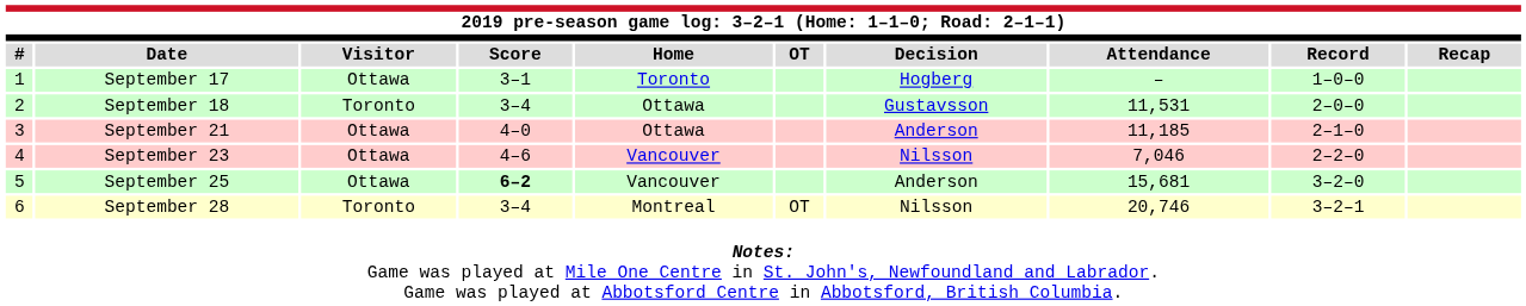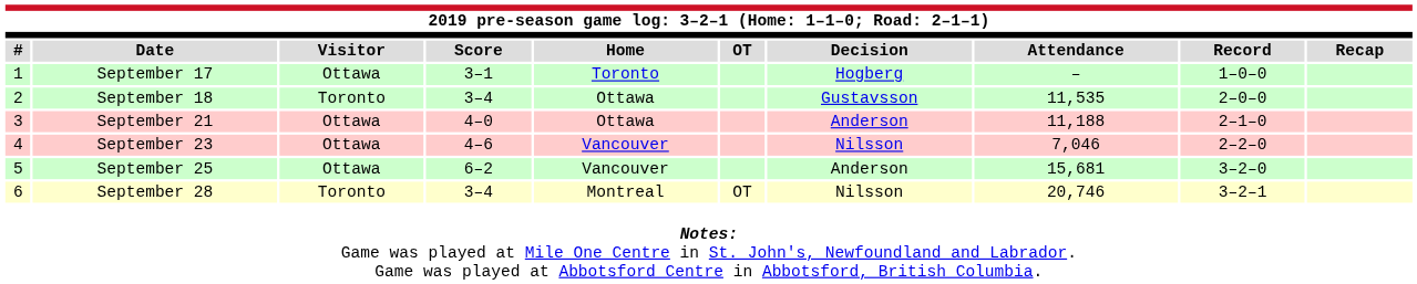 <table class="toccolours collapsible collapsed" style="width:90%; clear:both; margin:1.5em auto; text-align:center;">
 <tr>
 <th colspan="10" style="background:#FFFFFF; border-top:#CE1126 5px solid; border-bottom:#000000 5px solid;">2019 pre-season game log: 3–2–1 (Home: 1–1–0; Road: 2–1–1)</th>
 </tr>
 <tr style="background:#ddd;">
 <th>#</th>
 <th>Date</th>
 <th>Visitor</th>
 <th>Score</th>
 <th>Home</th>
 <th>OT</th>
 <th>Decision</th>
 <th>Attendance</th>
 <th>Record</th>
 <th>Recap</th>
 </tr>
 <tr style="background:#cfc;">
 <td>1</td>
 <td>September 17</td>
 <td>Ottawa</td>
 <td>3–1</td>
 <td><a href='#'>Toronto</a></td>
 <td></td>
 <td><a href='#'>Hogberg</a></td>
 <td>–</td>
 <td>1–0–0</td>
 <td></td>
 </tr>
 <tr style="background:#cfc;">
 <td>2</td>
 <td>September 18</td>
 <td>Toronto</td>
 <td>3–4</td>
 <td>Ottawa</td>
 <td></td>
 <td><a href='#'>Gustavsson</a></td>
-<td>11,531</td>
+<td>11,535</td>
 <td>2–0–0</td>
 <td></td>
 </tr>
 <tr style="background:#fcc;">
 <td>3</td>
 <td>September 21</td>
 <td>Ottawa</td>
 <td>4–0</td>
 <td>Ottawa</td>
 <td></td>
 <td><a href='#'>Anderson</a></td>
-<td>11,185</td>
+<td>11,188</td>
 <td>2–1–0</td>
 <td></td>
 </tr>
 <tr style="background:#fcc;">
 <td>4</td>
 <td>September 23</td>
 <td>Ottawa</td>
 <td>4–6</td>
 <td><a href='#'>Vancouver</a></td>
 <td></td>
 <td><a href='#'>Nilsson</a></td>
 <td>7,046</td>
 <td>2–2–0</td>
 <td></td>
 </tr>
 <tr style="background:#cfc;">
 <td>5</td>
 <td>September 25</td>
 <td>Ottawa</td>
-<td><strong>6–2</strong></td>
+<td>6–2</td>
 <td>Vancouver</td>
 <td></td>
 <td>Anderson</td>
 <td>15,681</td>
 <td>3–2–0</td>
 <td></td>
 </tr>
 <tr style="background:#ffc;">
 <td>6</td>
 <td>September 28</td>
 <td>Toronto</td>
 <td>3–4</td>
 <td>Montreal</td>
 <td>OT</td>
 <td>Nilsson</td>
 <td>20,746</td>
 <td>3–2–1</td>
 <td></td>
 </tr>
 <tr>
 <td colspan="10" style="text-align:center;"><br><strong><em>Notes:</em></strong><br>  Game was played at <a href='#'>Mile One Centre</a> in <a href='#'>St. John's, Newfoundland and Labrador</a>.<br>  Game was played at <a href='#'>Abbotsford Centre</a> in <a href='#'>Abbotsford, British Columbia</a>.</td>
 </tr>
 </table>
